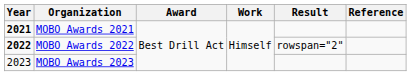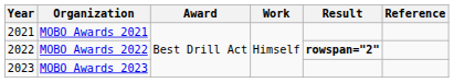 <table class="wikitable plainrowheaders" style="text-align:center;">
 <tr>
 <th>Year</th>
 <th>Organization</th>
 <th>Award</th>
 <th>Work</th>
 <th>Result</th>
 <th>Reference</th>
 </tr>
 <tr>
-<td><strong>2021</strong></td>
+<td>2021</td>
 <td><a href='#'>MOBO Awards 2021</a></td>
 <td rowspan="3">Best Drill Act</td>
 <td rowspan="3">Himself</td>
 <td></td>
 <td></td>
 </tr>
 <tr>
-<td><strong>2022</strong></td>
+<td>2022</td>
 <td><a href='#'>MOBO Awards 2022</a></td>
-<td>rowspan="2" </td>
+<td><strong>rowspan="2" </strong></td>
 <td></td>
 </tr>
 <tr>
 <td>2023</td>
 <td><a href='#'>MOBO Awards 2023</a></td>
 <td></td>
 </tr>
 </table>
